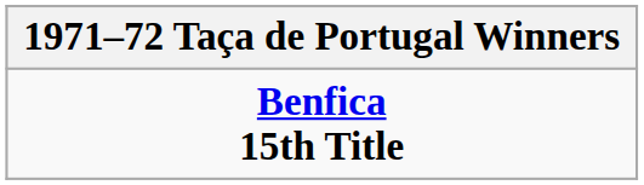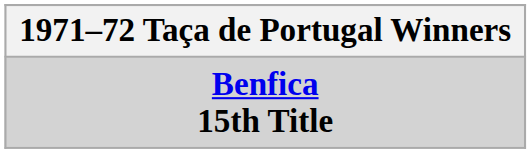 <table class="wikitable" style="text-align: center; margin: 0 auto; width: 20%">
 <tr>
 <th>1971–72 Taça de Portugal Winners</th>
 </tr>
 <tr>
-<td><strong><a href='#'>Benfica</a></strong><br><strong>15th Title</strong></td>
+<td style="background: lightgrey;"><strong><a href='#'>Benfica</a></strong><br><strong>15th Title</strong></td>
 </tr>
 </table>
